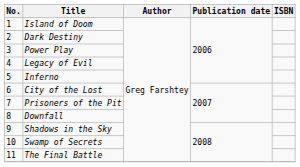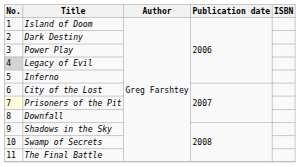 <table class="wikitable">
 <tr>
 <th>No.</th>
 <th>Title</th>
 <th>Author</th>
 <th>Publication date</th>
 <th>ISBN</th>
 </tr>
 <tr>
 <td>1</td>
 <td><em>Island of Doom</em></td>
 <td Rowspan="11">Greg Farshtey</td>
 <td Rowspan="5">2006</td>
 <td></td>
 </tr>
 <tr>
 <td>2</td>
 <td><em>Dark Destiny</em></td>
 <td></td>
 </tr>
 <tr>
 <td>3</td>
 <td><em>Power Play</em></td>
 <td></td>
 </tr>
 <tr>
-<td>4</td>
+<td style="background: lightgrey;">4</td>
 <td><em>Legacy of Evil</em></td>
 <td></td>
 </tr>
 <tr>
 <td>5</td>
 <td><em>Inferno</em></td>
 <td></td>
 </tr>
 <tr>
 <td>6</td>
 <td><em>City of the Lost</em></td>
 <td Rowspan="3">2007</td>
 <td></td>
 </tr>
 <tr>
-<td>7</td>
+<td style="background: lightyellow;">7</td>
 <td><em>Prisoners of the Pit</em></td>
 <td></td>
 </tr>
 <tr>
 <td>8</td>
 <td><em>Downfall</em></td>
 <td></td>
 </tr>
 <tr>
 <td>9</td>
 <td><em>Shadows in the Sky</em></td>
 <td Rowspan="3">2008</td>
 <td></td>
 </tr>
 <tr>
 <td>10</td>
 <td><em>Swamp of Secrets</em></td>
 <td></td>
 </tr>
 <tr>
 <td>11</td>
 <td><em>The Final Battle</em></td>
 <td></td>
 </tr>
 <tr>
 </tr>
 </table>
